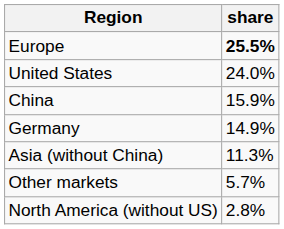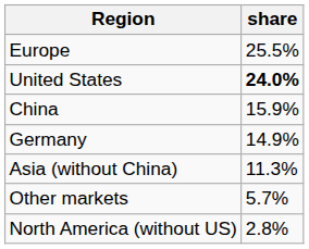 <table class="wikitable floatright">
 <tr>
 <th>Region</th>
 <th>share</th>
 </tr>
 <tr>
 <td>Europe</td>
-<td><strong>25.5%</strong></td>
+<td>25.5%</td>
 </tr>
 <tr>
 <td>United States</td>
-<td>24.0%</td>
+<td><strong>24.0%</strong></td>
 </tr>
 <tr>
 <td>China</td>
 <td>15.9%</td>
 </tr>
 <tr>
 <td>Germany</td>
 <td>14.9%</td>
 </tr>
 <tr>
 <td>Asia (without China)</td>
 <td>11.3%</td>
 </tr>
 <tr>
 <td>Other markets</td>
 <td>5.7%</td>
 </tr>
 <tr>
 <td>North America (without US)</td>
 <td>2.8%</td>
 </tr>
 </table>
